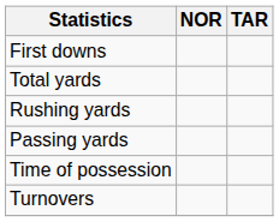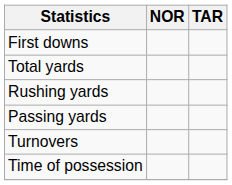 <table class="wikitable" style="float: left;">
 <tr>
 <th>Statistics</th>
 <th>NOR</th>
 <th>TAR</th>
 </tr>
 <tr>
 <td>First downs</td>
 <td></td>
 <td></td>
 </tr>
 <tr>
 <td>Total yards</td>
 <td></td>
 <td></td>
 </tr>
 <tr>
 <td>Rushing yards</td>
 <td></td>
 <td></td>
 </tr>
 <tr>
 <td>Passing yards</td>
 <td></td>
 <td></td>
 </tr>
 <tr>
-<td>Time of possession</td>
+<td>Turnovers</td>
 <td></td>
 <td></td>
 </tr>
 <tr>
-<td>Turnovers</td>
+<td>Time of possession</td>
 <td></td>
 <td></td>
 </tr>
 <tr>
 </tr>
 </table>
